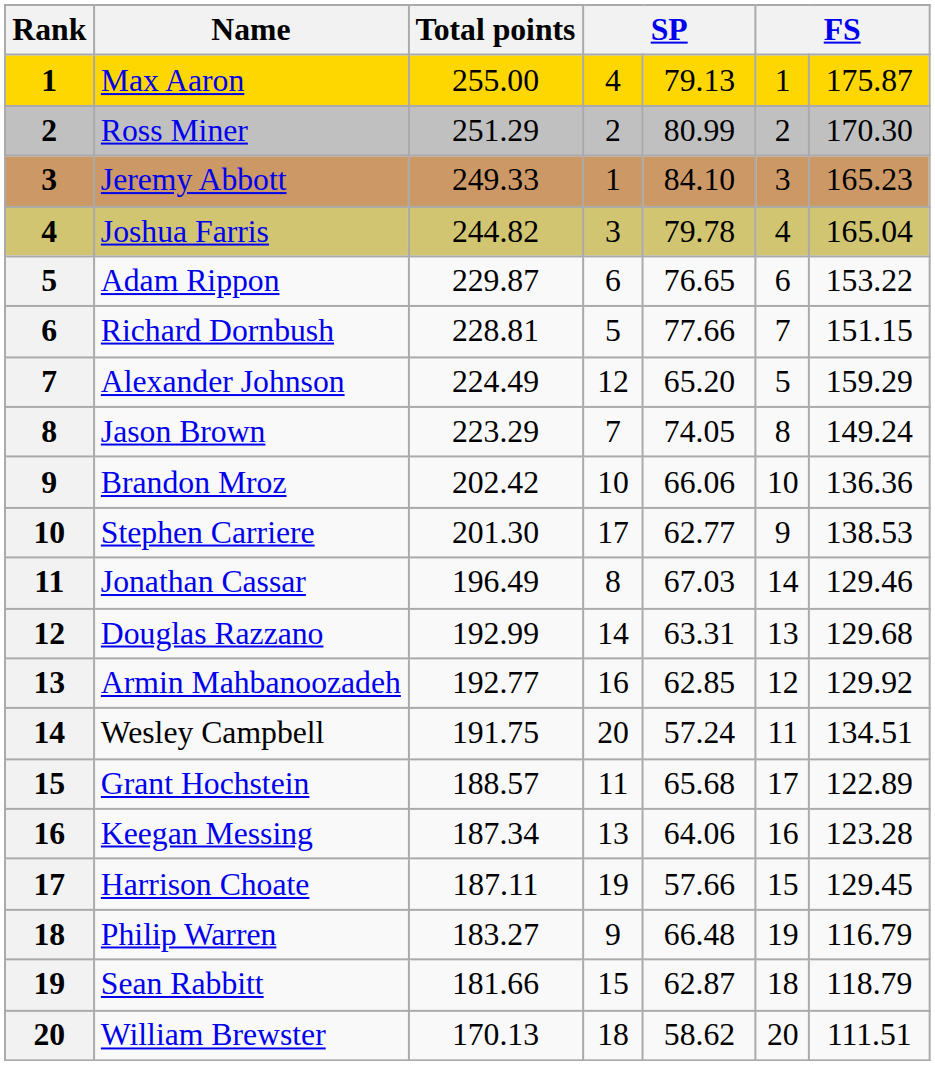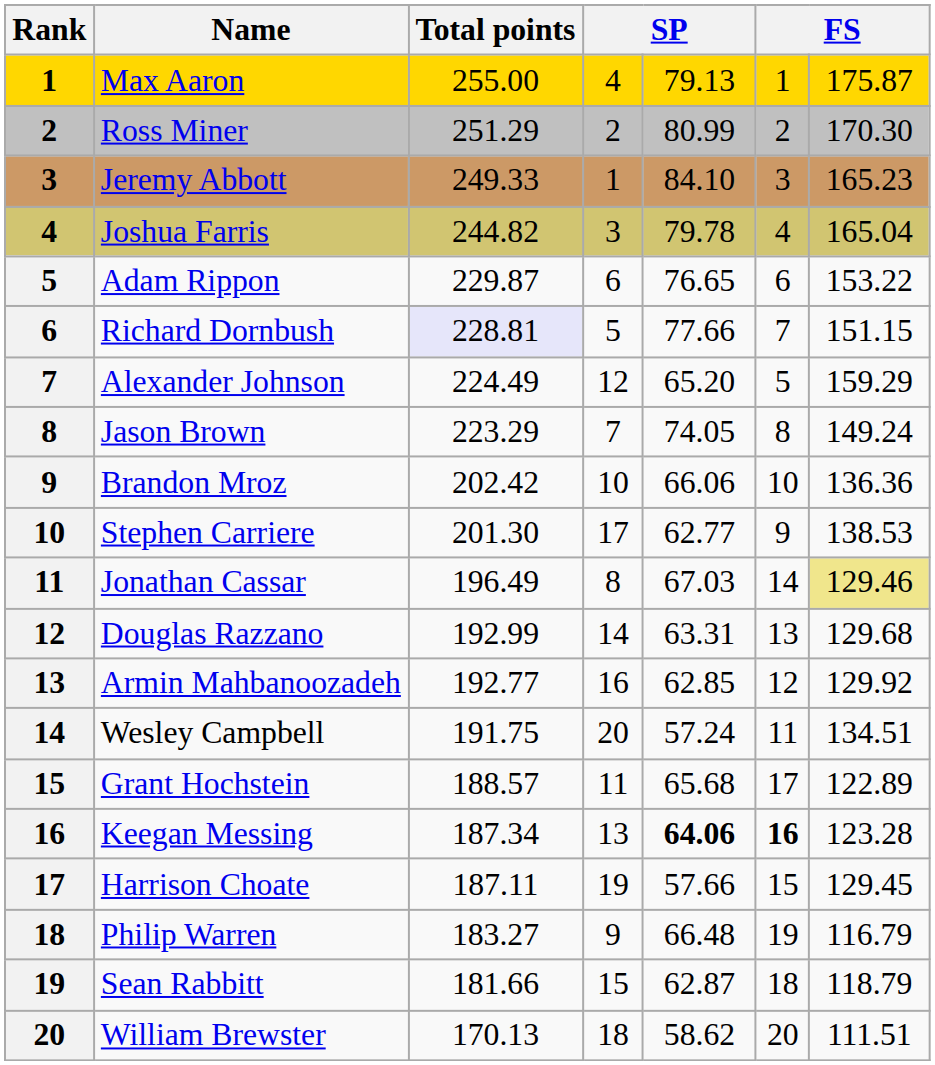 <table class="wikitable sortable">
 <tr>
 <th>Rank</th>
 <th>Name</th>
 <th>Total points</th>
 <th colspan="2" width="80px"><a href='#'>SP</a></th>
 <th colspan="2" width="80px"><a href='#'>FS</a></th>
 </tr>
 <tr bgcolor="gold">
 <td align="center"><strong>1</strong></td>
 <td><a href='#'>Max Aaron</a></td>
 <td align="center">255.00</td>
 <td align="center">4</td>
 <td align="center">79.13</td>
 <td align="center">1</td>
 <td align="center">175.87</td>
 </tr>
 <tr bgcolor="silver">
 <td align="center"><strong>2</strong></td>
 <td><a href='#'>Ross Miner</a></td>
 <td align="center">251.29</td>
 <td align="center">2</td>
 <td align="center">80.99</td>
 <td align="center">2</td>
 <td align="center">170.30</td>
 </tr>
 <tr bgcolor="cc9966">
 <td align="center"><strong>3</strong></td>
 <td><a href='#'>Jeremy Abbott</a></td>
 <td align="center">249.33</td>
 <td align="center">1</td>
 <td align="center">84.10</td>
 <td align="center">3</td>
 <td align="center">165.23</td>
 </tr>
 <tr bgcolor="#d1c571">
 <td align="center"><strong>4</strong></td>
 <td><a href='#'>Joshua Farris</a></td>
 <td align="center">244.82</td>
 <td align="center">3</td>
 <td align="center">79.78</td>
 <td align="center">4</td>
 <td align="center">165.04</td>
 </tr>
 <tr>
 <th>5</th>
 <td><a href='#'>Adam Rippon</a></td>
 <td align="center">229.87</td>
 <td align="center">6</td>
 <td align="center">76.65</td>
 <td align="center">6</td>
 <td align="center">153.22</td>
 </tr>
 <tr>
 <th>6</th>
 <td><a href='#'>Richard Dornbush</a></td>
-<td align="center">228.81</td>
+<td align="center" style="background: lavender;">228.81</td>
 <td align="center">5</td>
 <td align="center">77.66</td>
 <td align="center">7</td>
 <td align="center">151.15</td>
 </tr>
 <tr>
 <th>7</th>
 <td><a href='#'>Alexander Johnson</a></td>
 <td align="center">224.49</td>
 <td align="center">12</td>
 <td align="center">65.20</td>
 <td align="center">5</td>
 <td align="center">159.29</td>
 </tr>
 <tr>
 <th>8</th>
 <td><a href='#'>Jason Brown</a></td>
 <td align="center">223.29</td>
 <td align="center">7</td>
 <td align="center">74.05</td>
 <td align="center">8</td>
 <td align="center">149.24</td>
 </tr>
 <tr>
 <th>9</th>
 <td><a href='#'>Brandon Mroz</a></td>
 <td align="center">202.42</td>
 <td align="center">10</td>
 <td align="center">66.06</td>
 <td align="center">10</td>
 <td align="center">136.36</td>
 </tr>
 <tr>
 <th>10</th>
 <td><a href='#'>Stephen Carriere</a></td>
 <td align="center">201.30</td>
 <td align="center">17</td>
 <td align="center">62.77</td>
 <td align="center">9</td>
 <td align="center">138.53</td>
 </tr>
 <tr>
 <th>11</th>
 <td><a href='#'>Jonathan Cassar</a></td>
 <td align="center">196.49</td>
 <td align="center">8</td>
 <td align="center">67.03</td>
 <td align="center">14</td>
-<td align="center">129.46</td>
+<td align="center" style="background: khaki;">129.46</td>
 </tr>
 <tr>
 <th>12</th>
 <td><a href='#'>Douglas Razzano</a></td>
 <td align="center">192.99</td>
 <td align="center">14</td>
 <td align="center">63.31</td>
 <td align="center">13</td>
 <td align="center">129.68</td>
 </tr>
 <tr>
 <th>13</th>
 <td><a href='#'>Armin Mahbanoozadeh</a></td>
 <td align="center">192.77</td>
 <td align="center">16</td>
 <td align="center">62.85</td>
 <td align="center">12</td>
 <td align="center">129.92</td>
 </tr>
 <tr>
 <th>14</th>
 <td>Wesley Campbell</td>
 <td align="center">191.75</td>
 <td align="center">20</td>
 <td align="center">57.24</td>
 <td align="center">11</td>
 <td align="center">134.51</td>
 </tr>
 <tr>
 <th>15</th>
 <td><a href='#'>Grant Hochstein</a></td>
 <td align="center">188.57</td>
 <td align="center">11</td>
 <td align="center">65.68</td>
 <td align="center">17</td>
 <td align="center">122.89</td>
 </tr>
 <tr>
 <th>16</th>
 <td><a href='#'>Keegan Messing</a></td>
 <td align="center">187.34</td>
 <td align="center">13</td>
-<td align="center">64.06</td>
-<td align="center">16</td>
+<td align="center"><strong>64.06</strong></td>
+<td align="center"><strong>16</strong></td>
 <td align="center">123.28</td>
 </tr>
 <tr>
 <th>17</th>
 <td><a href='#'>Harrison Choate</a></td>
 <td align="center">187.11</td>
 <td align="center">19</td>
 <td align="center">57.66</td>
 <td align="center">15</td>
 <td align="center">129.45</td>
 </tr>
 <tr>
 <th>18</th>
 <td><a href='#'>Philip Warren</a></td>
 <td align="center">183.27</td>
 <td align="center">9</td>
 <td align="center">66.48</td>
 <td align="center">19</td>
 <td align="center">116.79</td>
 </tr>
 <tr>
 <th>19</th>
 <td><a href='#'>Sean Rabbitt</a></td>
 <td align="center">181.66</td>
 <td align="center">15</td>
 <td align="center">62.87</td>
 <td align="center">18</td>
 <td align="center">118.79</td>
 </tr>
 <tr>
 <th>20</th>
 <td><a href='#'>William Brewster</a></td>
 <td align="center">170.13</td>
 <td align="center">18</td>
 <td align="center">58.62</td>
 <td align="center">20</td>
 <td align="center">111.51</td>
 </tr>
 </table>
